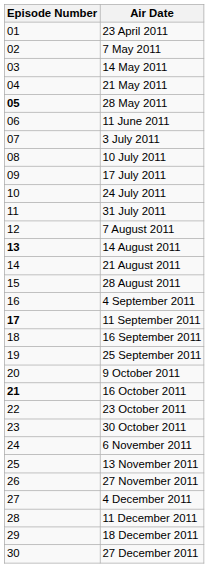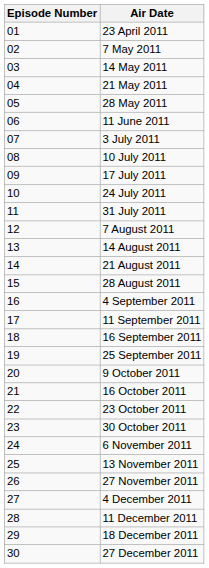 <table class="wikitable">
 <tr>
 <th>Episode Number</th>
 <th>Air Date</th>
 </tr>
 <tr>
 <td>01</td>
 <td>23 April 2011</td>
 </tr>
 <tr>
 <td>02</td>
 <td>7 May 2011</td>
 </tr>
 <tr>
 <td>03</td>
 <td>14 May 2011</td>
 </tr>
 <tr>
 <td>04</td>
 <td>21 May 2011</td>
 </tr>
 <tr>
-<td><strong>05</strong></td>
+<td>05</td>
 <td>28 May 2011</td>
 </tr>
 <tr>
 <td>06</td>
 <td>11 June 2011</td>
 </tr>
 <tr>
 <td>07</td>
 <td>3 July 2011</td>
 </tr>
 <tr>
 <td>08</td>
 <td>10 July 2011</td>
 </tr>
 <tr>
 <td>09</td>
 <td>17 July 2011</td>
 </tr>
 <tr>
 <td>10</td>
 <td>24 July 2011</td>
 </tr>
 <tr>
 <td>11</td>
 <td>31 July 2011</td>
 </tr>
 <tr>
 <td>12</td>
 <td>7 August 2011</td>
 </tr>
 <tr>
-<td><strong>13</strong></td>
+<td>13</td>
 <td>14 August 2011</td>
 </tr>
 <tr>
 <td>14</td>
 <td>21 August 2011</td>
 </tr>
 <tr>
 <td>15</td>
 <td>28 August 2011</td>
 </tr>
 <tr>
 <td>16</td>
 <td>4 September 2011</td>
 </tr>
 <tr>
-<td><strong>17</strong></td>
+<td>17</td>
 <td>11 September 2011</td>
 </tr>
 <tr>
 <td>18</td>
 <td>16 September 2011</td>
 </tr>
 <tr>
 <td>19</td>
 <td>25 September 2011</td>
 </tr>
 <tr>
 <td>20</td>
 <td>9 October 2011</td>
 </tr>
 <tr>
-<td><strong>21</strong></td>
+<td>21</td>
 <td>16 October 2011</td>
 </tr>
 <tr>
 <td>22</td>
 <td>23 October 2011</td>
 </tr>
 <tr>
 <td>23</td>
 <td>30 October 2011</td>
 </tr>
 <tr>
 <td>24</td>
 <td>6 November 2011</td>
 </tr>
 <tr>
 <td>25</td>
 <td>13 November 2011</td>
 </tr>
 <tr>
 <td>26</td>
 <td>27 November 2011</td>
 </tr>
 <tr>
 <td>27</td>
 <td>4 December 2011</td>
 </tr>
 <tr>
 <td>28</td>
 <td>11 December 2011</td>
 </tr>
 <tr>
 <td>29</td>
 <td>18 December 2011</td>
 </tr>
 <tr>
 <td>30</td>
 <td>27 December 2011</td>
 </tr>
 </table>
